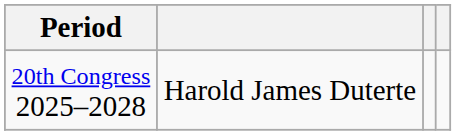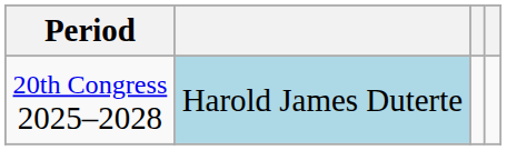 <table class="wikitable" style="text-align:center">
 <tr>
 <th>Period</th>
 <th></th>
 <th></th>
 <th></th>
 </tr>
 <tr>
 <td><small><a href='#'>20th Congress</a></small><br>2025–2028</td>
-<td>Harold James Duterte</td>
+<td style="background: lightblue;">Harold James Duterte</td>
 <td></td>
 <td></td>
 </tr>
 </table>
